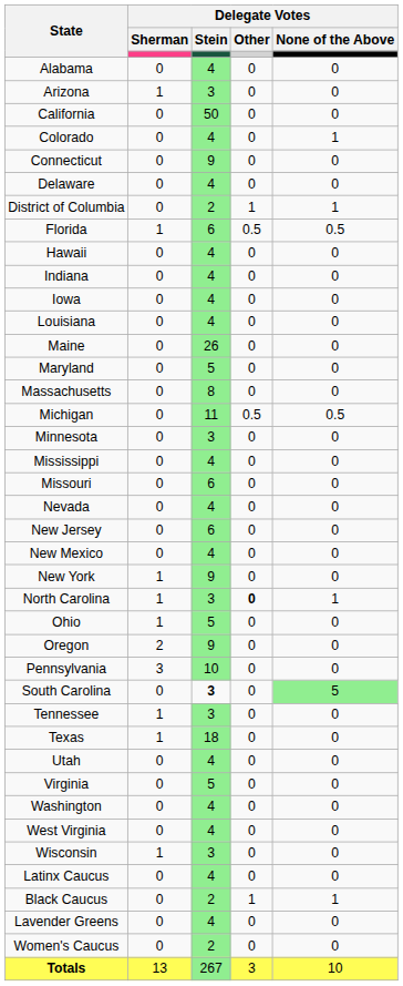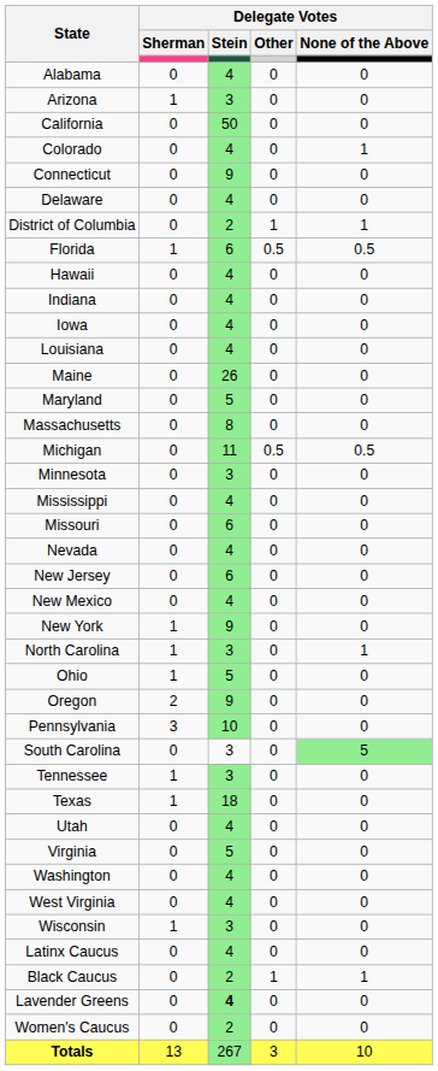 <table class="wikitable " style="text-align:center;font-size:100%;line-height:20px">
 <tr>
 <th rowspan=3>State</th>
 <th colspan=4>Delegate Votes</th>
 </tr>
 <tr>
 <th>Sherman</th>
 <th>Stein</th>
 <th>Other</th>
 <th>None of the Above</th>
 </tr>
 <tr>
 <td style="background:#ff3e88;"></td>
 <td style="background:#18563e;"></td>
 <th style="background:lightgrey;"></th>
 <td style="background:#000000;"></td>
 </tr>
 <tr>
 <td>Alabama</td>
 <td>0</td>
 <td style="background:lightgreen;">4</td>
 <td>0</td>
 <td>0</td>
 </tr>
 <tr>
 <td>Arizona</td>
 <td>1</td>
 <td style="background:lightgreen;">3</td>
 <td>0</td>
 <td>0</td>
 </tr>
 <tr>
 <td>California</td>
 <td>0</td>
 <td style="background:lightgreen;">50</td>
 <td>0</td>
 <td>0</td>
 </tr>
 <tr>
 <td>Colorado</td>
 <td>0</td>
 <td style="background:lightgreen;">4</td>
 <td>0</td>
 <td>1</td>
 </tr>
 <tr>
 <td>Connecticut</td>
 <td>0</td>
 <td style="background:lightgreen;">9</td>
 <td>0</td>
 <td>0</td>
 </tr>
 <tr>
 <td>Delaware</td>
 <td>0</td>
 <td style="background:lightgreen;">4</td>
 <td>0</td>
 <td>0</td>
 </tr>
 <tr>
 <td>District of Columbia</td>
 <td>0</td>
 <td style="background:lightgreen;">2</td>
 <td>1</td>
 <td>1</td>
 </tr>
 <tr>
 <td>Florida</td>
 <td>1</td>
 <td style="background:lightgreen;">6</td>
 <td>0.5</td>
 <td>0.5</td>
 </tr>
 <tr>
 <td>Hawaii</td>
 <td>0</td>
 <td style="background:lightgreen;">4</td>
 <td>0</td>
 <td>0</td>
 </tr>
 <tr>
 <td>Indiana</td>
 <td>0</td>
 <td style="background:lightgreen;">4</td>
 <td>0</td>
 <td>0</td>
 </tr>
 <tr>
 <td>Iowa</td>
 <td>0</td>
 <td style="background:lightgreen;">4</td>
 <td>0</td>
 <td>0</td>
 </tr>
 <tr>
 <td>Louisiana</td>
 <td>0</td>
 <td style="background:lightgreen;">4</td>
 <td>0</td>
 <td>0</td>
 </tr>
 <tr>
 <td>Maine</td>
 <td>0</td>
 <td style="background:lightgreen;">26</td>
 <td>0</td>
 <td>0</td>
 </tr>
 <tr>
 <td>Maryland</td>
 <td>0</td>
 <td style="background:lightgreen;">5</td>
 <td>0</td>
 <td>0</td>
 </tr>
 <tr>
 <td>Massachusetts</td>
 <td>0</td>
 <td style="background:lightgreen;">8</td>
 <td>0</td>
 <td>0</td>
 </tr>
 <tr>
 <td>Michigan</td>
 <td>0</td>
 <td style="background:lightgreen;">11</td>
 <td>0.5</td>
 <td>0.5</td>
 </tr>
 <tr>
 <td>Minnesota</td>
 <td>0</td>
 <td style="background:lightgreen;">3</td>
 <td>0</td>
 <td>0</td>
 </tr>
 <tr>
 <td>Mississippi</td>
 <td>0</td>
 <td style="background:lightgreen;">4</td>
 <td>0</td>
 <td>0</td>
 </tr>
 <tr>
 <td>Missouri</td>
 <td>0</td>
 <td style="background:lightgreen;">6</td>
 <td>0</td>
 <td>0</td>
 </tr>
 <tr>
 <td>Nevada</td>
 <td>0</td>
 <td style="background:lightgreen;">4</td>
 <td>0</td>
 <td>0</td>
 </tr>
 <tr>
 <td>New Jersey</td>
 <td>0</td>
 <td style="background:lightgreen;">6</td>
 <td>0</td>
 <td>0</td>
 </tr>
 <tr>
 <td>New Mexico</td>
 <td>0</td>
 <td style="background:lightgreen;">4</td>
 <td>0</td>
 <td>0</td>
 </tr>
 <tr>
 <td>New York</td>
 <td>1</td>
 <td style="background:lightgreen;">9</td>
 <td>0</td>
 <td>0</td>
 </tr>
 <tr>
 <td>North Carolina</td>
 <td>1</td>
 <td style="background:lightgreen;">3</td>
-<td><strong>0</strong></td>
+<td>0</td>
 <td>1</td>
 </tr>
 <tr>
 <td>Ohio</td>
 <td>1</td>
 <td style="background:lightgreen;">5</td>
 <td>0</td>
 <td>0</td>
 </tr>
 <tr>
 <td>Oregon</td>
 <td>2</td>
 <td style="background:lightgreen;">9</td>
 <td>0</td>
 <td>0</td>
 </tr>
 <tr>
 <td>Pennsylvania</td>
 <td>3</td>
 <td style="background:lightgreen;">10</td>
 <td>0</td>
 <td>0</td>
 </tr>
 <tr>
 <td>South Carolina</td>
 <td>0</td>
-<td><strong>3</strong></td>
+<td>3</td>
 <td>0</td>
 <td style="background:lightgreen;">5</td>
 </tr>
 <tr>
 <td>Tennessee</td>
 <td>1</td>
 <td style="background:lightgreen;">3</td>
 <td>0</td>
 <td>0</td>
 </tr>
 <tr>
 <td>Texas</td>
 <td>1</td>
 <td style="background:lightgreen;">18</td>
 <td>0</td>
 <td>0</td>
 </tr>
 <tr>
 <td>Utah</td>
 <td>0</td>
 <td style="background:lightgreen;">4</td>
 <td>0</td>
 <td>0</td>
 </tr>
 <tr>
 <td>Virginia</td>
 <td>0</td>
 <td style="background:lightgreen;">5</td>
 <td>0</td>
 <td>0</td>
 </tr>
 <tr>
 <td>Washington</td>
 <td>0</td>
 <td style="background:lightgreen;">4</td>
 <td>0</td>
 <td>0</td>
 </tr>
 <tr>
 <td>West Virginia</td>
 <td>0</td>
 <td style="background:lightgreen;">4</td>
 <td>0</td>
 <td>0</td>
 </tr>
 <tr>
 <td>Wisconsin</td>
 <td>1</td>
 <td style="background:lightgreen;">3</td>
 <td>0</td>
 <td>0</td>
 </tr>
 <tr>
 <td>Latinx Caucus</td>
 <td>0</td>
 <td style="background:lightgreen;">4</td>
 <td>0</td>
 <td>0</td>
 </tr>
 <tr>
 <td>Black Caucus</td>
 <td>0</td>
 <td style="background:lightgreen;">2</td>
 <td>1</td>
 <td>1</td>
 </tr>
 <tr>
 <td>Lavender Greens</td>
 <td>0</td>
-<td style="background:lightgreen;">4</td>
+<td style="background:lightgreen;"><strong>4</strong></td>
 <td>0</td>
 <td>0</td>
 </tr>
 <tr>
 <td>Women's Caucus</td>
 <td>0</td>
 <td style="background:lightgreen;">2</td>
 <td>0</td>
 <td>0</td>
 </tr>
 <tr style="background:#FFFD55;">
 <td><strong>Totals</strong></td>
 <td>13</td>
 <td style="background:lightgreen;">267</td>
 <td>3</td>
 <td>10</td>
 </tr>
 </table>
